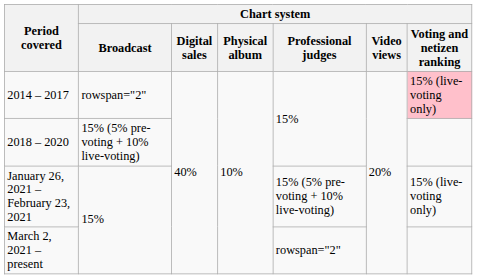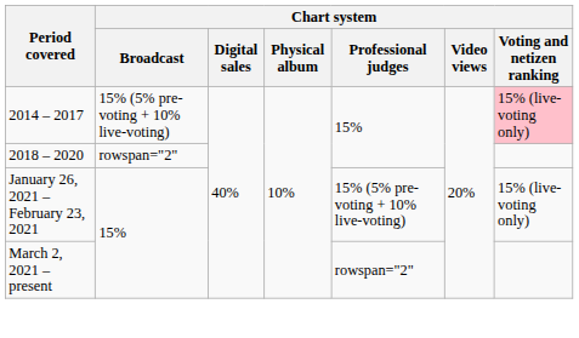 <table class="wikitable">
 <tr>
 <th rowspan="2">Period covered</th>
 <th colspan="6">Chart system</th>
 </tr>
 <tr>
 <th>Broadcast</th>
 <th>Digital sales</th>
 <th>Physical album</th>
 <th>Professional judges</th>
 <th>Video views</th>
 <th>Voting and netizen ranking</th>
 </tr>
 <tr>
 <td>2014 – 2017</td>
-<td>rowspan="2" </td>
+<td>15% (5% pre-voting + 10% live-voting)</td>
 <td rowspan="4">40%</td>
 <td rowspan="4">10%</td>
 <td rowspan="2">15%</td>
 <td rowspan="4">20%</td>
 <td style="background: pink;">15% (live-voting only)</td>
 </tr>
 <tr>
 <td>2018 – 2020</td>
-<td>15% (5% pre-voting + 10% live-voting)</td>
+<td>rowspan="2" </td>
 </tr>
 <tr>
 <td>January 26, 2021 – February 23, 2021</td>
 <td rowspan="2">15%</td>
 <td>15% (5% pre-voting + 10% live-voting)</td>
 <td>15% (live-voting only)</td>
 </tr>
 <tr>
 <td>March 2, 2021 – present</td>
 <td>rowspan="2" </td>
 </tr>
 </table>
